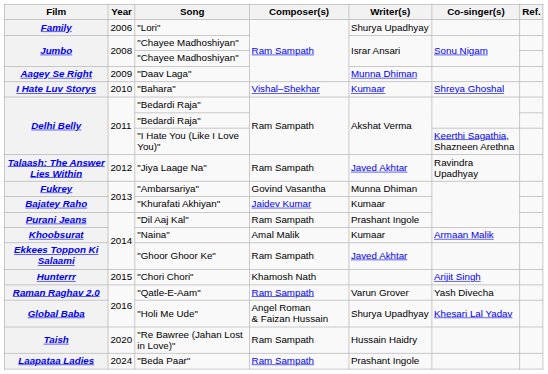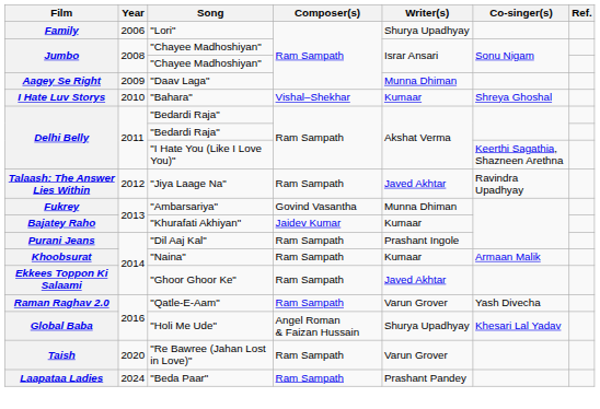 <table class="wikitable plainrowheaders" width="100%" textcolor:#000;">
 <tr>
 <th scope="col" width=20%>Film</th>
 <th scope="col" width=5%>Year</th>
 <th scope="col" width=22%>Song</th>
 <th scope="col" width=19%>Composer(s)</th>
 <th scope="col" width=16%>Writer(s)</th>
 <th scope="col" width=17%>Co-singer(s)</th>
 <th scope="col" width=1%>Ref.</th>
 </tr>
 <tr>
 <th scope="row"><em><a href='#'>Family</a></em></th>
 <td>2006</td>
 <td>"Lori"</td>
 <td rowspan=4><a href='#'>Ram Sampath</a></td>
 <td>Shurya Upadhyay</td>
 <td></td>
 <td></td>
 </tr>
 <tr>
 <th scope="row" rowspan=2><em><a href='#'>Jumbo</a></em></th>
 <td rowspan=2>2008</td>
 <td>"Chayee Madhoshiyan"</td>
 <td rowspan=2>Israr Ansari</td>
 <td rowspan=2><a href='#'>Sonu Nigam</a></td>
 <td></td>
 </tr>
 <tr>
 <td>"Chayee Madhoshiyan"<br></td>
 <td></td>
 </tr>
 <tr>
 <th scope="row"><em><a href='#'>Aagey Se Right</a></em></th>
 <td>2009</td>
 <td>"Daav Laga"</td>
 <td><a href='#'>Munna Dhiman</a></td>
 <td></td>
 <td></td>
 </tr>
 <tr>
 <th scope="row"><em><a href='#'>I Hate Luv Storys</a></em></th>
 <td>2010</td>
 <td>"Bahara"</td>
 <td><a href='#'>Vishal–Shekhar</a></td>
 <td><a href='#'>Kumaar</a></td>
 <td><a href='#'>Shreya Ghoshal</a></td>
 <td></td>
 </tr>
 <tr>
 <th scope="row" rowspan=3><em><a href='#'>Delhi Belly</a></em></th>
 <td rowspan=3>2011</td>
 <td>"Bedardi Raja"</td>
 <td rowspan=3>Ram Sampath</td>
 <td rowspan=3>Akshat Verma</td>
 <td rowspan=2></td>
 <td></td>
 </tr>
 <tr>
 <td>"Bedardi Raja"<br></td>
 <td></td>
 </tr>
 <tr>
 <td>"I Hate You (Like I Love You)"</td>
 <td><a href='#'>Keerthi Sagathia</a>, Shazneen Arethna</td>
 <td></td>
 </tr>
 <tr>
 <th scope="row"><em><a href='#'>Talaash: The Answer Lies Within</a></em></th>
 <td>2012</td>
 <td>"Jiya Laage Na"</td>
 <td>Ram Sampath</td>
 <td><a href='#'>Javed Akhtar</a></td>
 <td>Ravindra Upadhyay</td>
 <td></td>
 </tr>
 <tr>
 <th scope="row"><em><a href='#'>Fukrey</a></em></th>
 <td rowspan=2>2013</td>
 <td>"Ambarsariya"</td>
 <td>Govind Vasantha</td>
 <td>Munna Dhiman</td>
 <td rowspan=3></td>
 <td></td>
 </tr>
 <tr>
 <th scope="row"><em><a href='#'>Bajatey Raho</a></em></th>
 <td>"Khurafati Akhiyan"</td>
 <td><a href='#'>Jaidev Kumar</a></td>
 <td>Kumaar</td>
 <td></td>
 </tr>
 <tr>
 <th scope="row"><em><a href='#'>Purani Jeans</a></em></th>
 <td rowspan=3>2014</td>
 <td>"Dil Aaj Kal"<br></td>
 <td>Ram Sampath</td>
 <td>Prashant Ingole</td>
 <td></td>
 </tr>
 <tr>
 <th scope="row"><em><a href='#'>Khoobsurat</a></em></th>
 <td>"Naina"</td>
-<td>Amal Malik</td>
+<td>Ram Sampath</td>
 <td>Kumaar</td>
 <td><a href='#'>Armaan Malik</a></td>
 <td></td>
 </tr>
 <tr>
 <th scope="row"><em><a href='#'>Ekkees Toppon Ki Salaami</a></em></th>
 <td>"Ghoor Ghoor Ke"</td>
 <td>Ram Sampath</td>
 <td><a href='#'>Javed Akhtar</a></td>
 <td></td>
-<td></td>
-</tr>
-<tr>
-<th scope="row"><em><a href='#'>Hunterrr</a></em></th>
-<td>2015</td>
-<td>"Chori Chori"</td>
-<td>Khamosh Nath</td>
-<td></td>
-<td><a href='#'>Arijit Singh</a></td>
 <td></td>
 </tr>
 <tr>
 <th scope="row"><em><a href='#'>Raman Raghav 2.0</a></em></th>
 <td rowspan="2">2016</td>
 <td>"Qatle-E-Aam"</td>
 <td><a href='#'>Ram Sampath</a></td>
 <td>Varun Grover</td>
 <td>Yash Divecha</td>
 <td></td>
 </tr>
 <tr>
 <th scope="row"><em><a href='#'>Global Baba</a></em></th>
 <td>"Holi Me Ude"</td>
 <td>Angel Roman<br>&  Faizan Hussain</td>
 <td>Shurya Upadhyay</td>
 <td><a href='#'>Khesari Lal Yadav</a></td>
 <td></td>
 </tr>
 <tr>
 <th scope="row"><em><a href='#'>Taish</a></em></th>
 <td>2020</td>
 <td>"Re Bawree (Jahan Lost in Love)"</td>
 <td>Ram Sampath</td>
-<td>Hussain Haidry</td>
+<td>Varun Grover</td>
 <td></td>
 <td></td>
 </tr>
 <tr>
 <th scope="row"><em><a href='#'>Laapataa Ladies</a></em></th>
 <td>2024</td>
 <td>"Beda Paar"</td>
 <td><a href='#'>Ram Sampath</a></td>
-<td>Prashant Ingole</td>
+<td>Prashant Pandey</td>
 <td></td>
 <td></td>
 </tr>
 </table>
